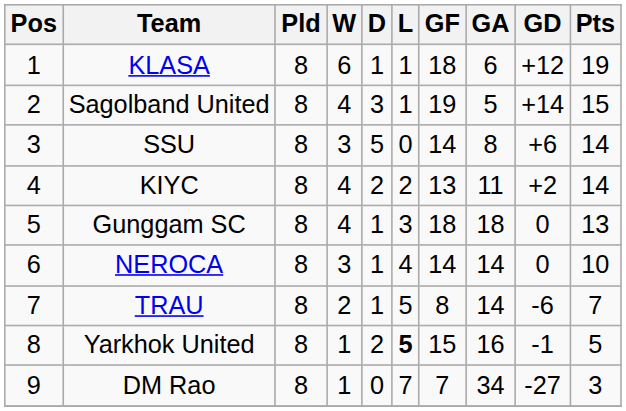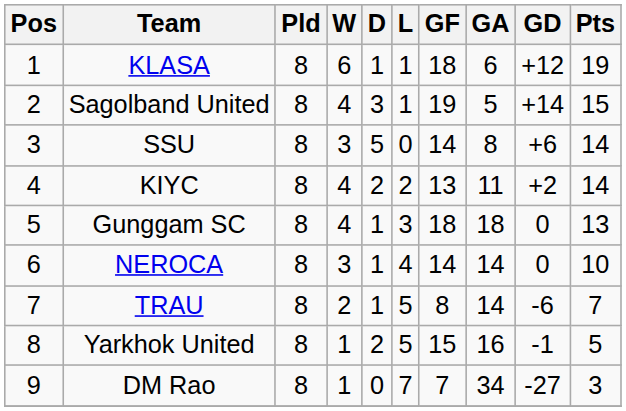 <table class="wikitable" style="text-align:center;">
 <tr>
 <th>Pos</th>
 <th>Team</th>
 <th>Pld</th>
 <th>W</th>
 <th>D</th>
 <th>L</th>
 <th>GF</th>
 <th>GA</th>
 <th>GD</th>
 <th>Pts</th>
 </tr>
 <tr>
 <td style="text-align:center;">1</td>
 <td><a href='#'>KLASA</a></td>
 <td>8</td>
 <td>6</td>
 <td>1</td>
 <td>1</td>
 <td>18</td>
 <td>6</td>
 <td>+12</td>
 <td>19</td>
 </tr>
 <tr>
 <td>2</td>
 <td>Sagolband United</td>
 <td>8</td>
 <td>4</td>
 <td>3</td>
 <td>1</td>
 <td>19</td>
 <td>5</td>
 <td>+14</td>
 <td>15</td>
 </tr>
 <tr>
 <td>3</td>
 <td>SSU</td>
 <td>8</td>
 <td>3</td>
 <td>5</td>
 <td>0</td>
 <td>14</td>
 <td>8</td>
 <td>+6</td>
 <td>14</td>
 </tr>
 <tr>
 <td>4</td>
 <td>KIYC</td>
 <td>8</td>
 <td>4</td>
 <td>2</td>
 <td>2</td>
 <td>13</td>
 <td>11</td>
 <td>+2</td>
 <td>14</td>
 </tr>
 <tr>
 <td>5</td>
 <td>Gunggam SC</td>
 <td>8</td>
 <td>4</td>
 <td>1</td>
 <td>3</td>
 <td>18</td>
 <td>18</td>
 <td>0</td>
 <td>13</td>
 </tr>
 <tr>
 <td>6</td>
 <td><a href='#'>NEROCA</a></td>
 <td>8</td>
 <td>3</td>
 <td>1</td>
 <td>4</td>
 <td>14</td>
 <td>14</td>
 <td>0</td>
 <td>10</td>
 </tr>
 <tr>
 <td>7</td>
 <td><a href='#'>TRAU</a></td>
 <td>8</td>
 <td>2</td>
 <td>1</td>
 <td>5</td>
 <td>8</td>
 <td>14</td>
 <td>-6</td>
 <td>7</td>
 </tr>
 <tr>
 <td>8</td>
 <td>Yarkhok United</td>
 <td>8</td>
 <td>1</td>
 <td>2</td>
-<td><strong>5</strong></td>
+<td>5</td>
 <td>15</td>
 <td>16</td>
 <td>-1</td>
 <td>5</td>
 </tr>
 <tr>
 <td>9</td>
 <td>DM Rao</td>
 <td>8</td>
 <td>1</td>
 <td>0</td>
 <td>7</td>
 <td>7</td>
 <td>34</td>
 <td>-27</td>
 <td>3</td>
 </tr>
 <tr>
 </tr>
 </table>
